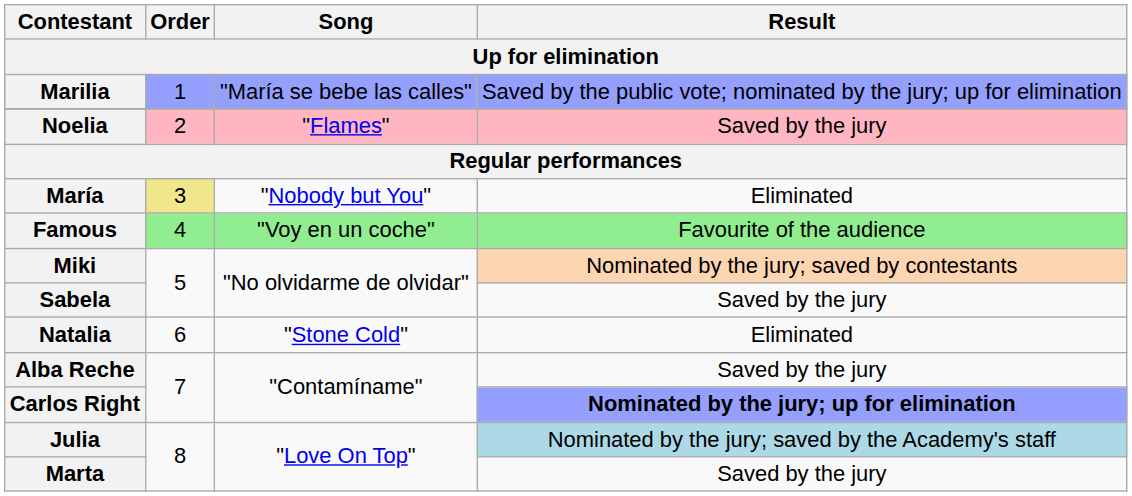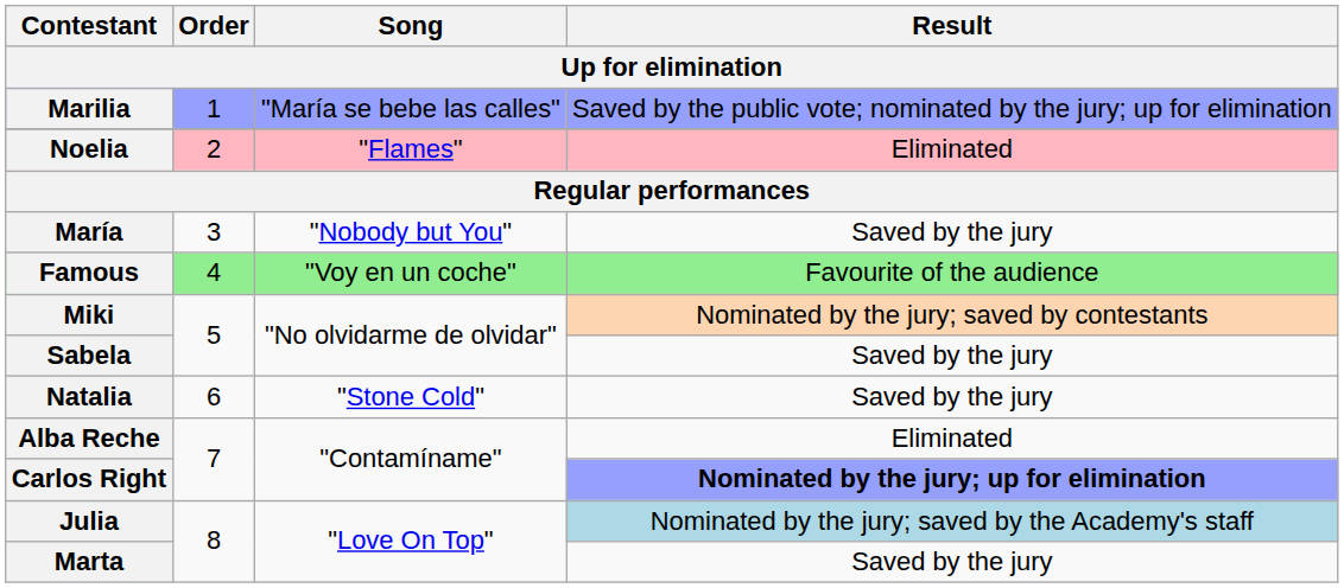 <table class="wikitable plainrowheaders" style="text-align:center;">
 <tr>
 <th scope="col">Contestant</th>
 <th scope="col">Order</th>
 <th scope="col">Song</th>
 <th scope="col">Result</th>
 </tr>
 <tr>
 <th colspan="4">Up for elimination</th>
 </tr>
 <tr style="background:#959ffd;">
 <th scope="row">Marilia</th>
 <td>1</td>
 <td>"María se bebe las calles"</td>
 <td>Saved by the public vote; nominated by the jury; up for elimination</td>
 </tr>
 <tr>
 </tr>
 <tr style="background:lightpink">
 <th scope="row">Noelia</th>
 <td>2</td>
 <td>"<a href='#'>Flames</a>"</td>
-<td>Saved by the jury</td>
+<td>Eliminated</td>
 </tr>
 <tr>
 <th colspan="4">Regular performances</th>
 </tr>
 <tr>
 <th scope="row">María</th>
-<td style="background: khaki;">3</td>
+<td>3</td>
 <td>"<a href='#'>Nobody but You</a>"</td>
-<td>Eliminated</td>
+<td>Saved by the jury</td>
 </tr>
 <tr style="background:lightgreen">
 <th scope="row">Famous</th>
 <td>4</td>
 <td>"Voy en un coche"</td>
 <td style="background:lightgreen">Favourite of the audience</td>
 </tr>
 <tr>
 <th scope="row">Miki</th>
 <td rowspan="2">5</td>
 <td rowspan="2">"No olvidarme de olvidar"</td>
 <td style="background:#fdd5b1;">Nominated by the jury; saved by contestants</td>
 </tr>
 <tr>
 <th scope="row">Sabela</th>
 <td>Saved by the jury</td>
 </tr>
 <tr>
 <th scope="row">Natalia</th>
 <td>6</td>
 <td>"<a href='#'>Stone Cold</a>"</td>
-<td>Eliminated</td>
+<td>Saved by the jury</td>
 </tr>
 <tr>
 <th scope="row">Alba Reche</th>
 <td rowspan="2">7</td>
 <td rowspan="2">"Contamíname"</td>
-<td>Saved by the jury</td>
+<td>Eliminated</td>
 </tr>
 <tr>
 <th scope="row">Carlos Right</th>
 <td style="background:#959ffd;"><strong>Nominated by the jury; up for elimination</strong></td>
 </tr>
 <tr>
 <th scope="row">Julia</th>
 <td rowspan="2">8</td>
 <td rowspan="2">"<a href='#'>Love On Top</a>"</td>
 <td style="background:lightblue;">Nominated by the jury; saved by the Academy's staff</td>
 </tr>
 <tr>
 <th scope="row">Marta</th>
 <td>Saved by the jury</td>
 </tr>
 </table>
